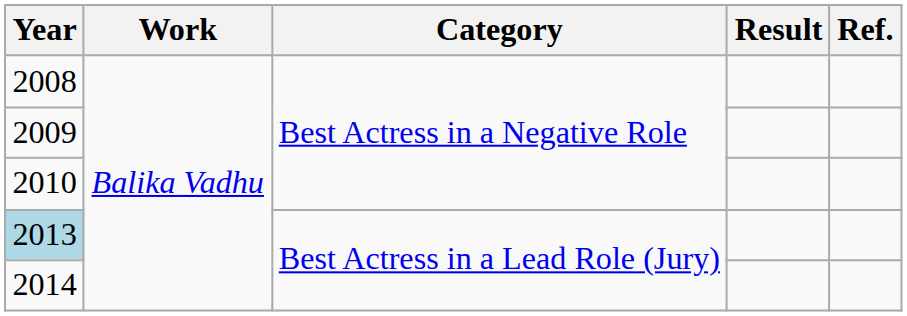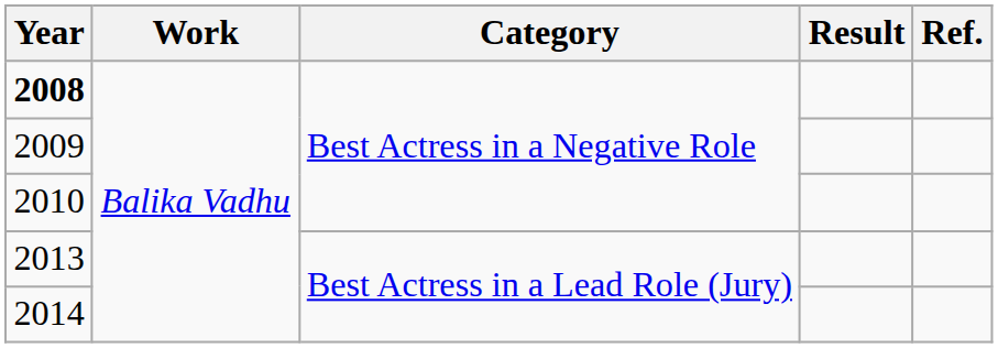 <table class="wikitable sortable">
 <tr>
 <th>Year</th>
 <th>Work</th>
 <th>Category</th>
 <th>Result</th>
 <th>Ref.</th>
 </tr>
 <tr>
-<td>2008</td>
+<td><strong>2008</strong></td>
 <td rowspan="6"><em><a href='#'>Balika Vadhu</a></em></td>
 <td rowspan="3"><a href='#'>Best Actress in a Negative Role</a></td>
 <td></td>
 <td></td>
 </tr>
 <tr>
 <td>2009</td>
 <td></td>
 <td></td>
 </tr>
 <tr>
 <td>2010</td>
 <td></td>
 <td></td>
 </tr>
 <tr>
-<td style="background: lightblue;">2013</td>
+<td>2013</td>
 <td rowspan="2"><a href='#'>Best Actress in a Lead Role (Jury)</a></td>
 <td></td>
 <td></td>
 </tr>
 <tr>
 <td>2014</td>
 <td></td>
 <td></td>
 </tr>
 </table>
